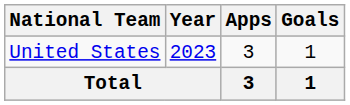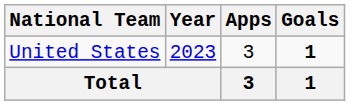 <table class="wikitable" style="text-align:center">
 <tr>
 <th>National Team</th>
 <th>Year</th>
 <th>Apps</th>
 <th>Goals</th>
 </tr>
 <tr>
 <td><a href='#'>United States</a></td>
 <td><a href='#'>2023</a></td>
 <td>3</td>
-<td>1</td>
+<td><strong>1</strong></td>
 </tr>
 <tr>
 <th colspan=2>Total</th>
 <th>3</th>
 <th>1</th>
 </tr>
 </table>
